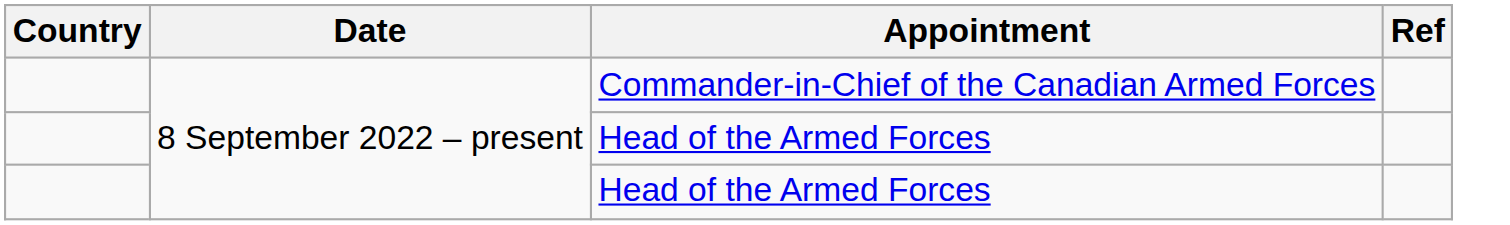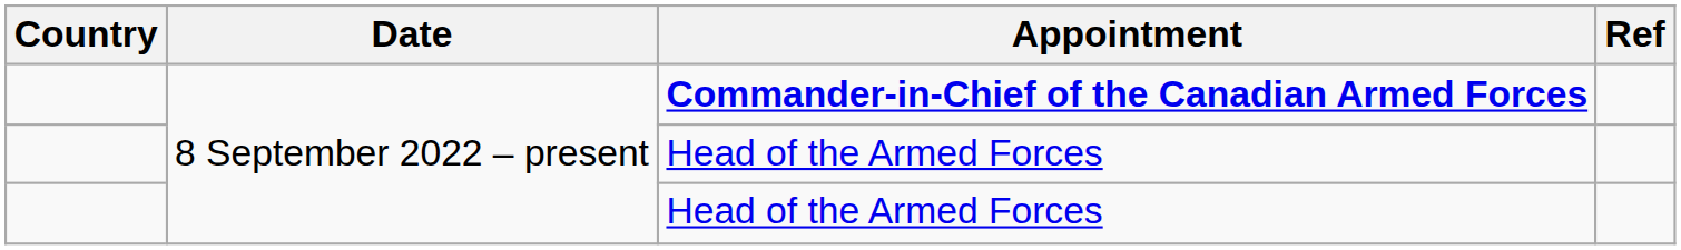 <table class="wikitable">
 <tr>
 <th>Country</th>
 <th>Date</th>
 <th>Appointment</th>
 <th>Ref</th>
 </tr>
 <tr>
 <td></td>
 <td rowspan=3>8 September 2022 – present</td>
-<td><a href='#'>Commander-in-Chief of the Canadian Armed Forces</a></td>
+<td><strong><a href='#'>Commander-in-Chief of the Canadian Armed Forces</a></strong></td>
 <td></td>
 </tr>
 <tr>
 <td></td>
 <td><a href='#'>Head of the Armed Forces</a></td>
 <td></td>
 </tr>
 <tr>
 <td></td>
 <td><a href='#'>Head of the Armed Forces</a></td>
 <td></td>
 </tr>
 </table>
